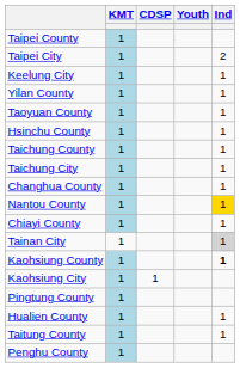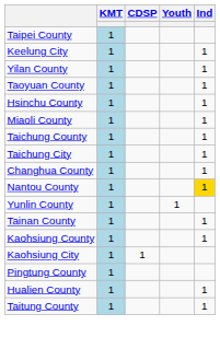 <table class="wikitable" style="text-align:center;">
 <tr>
 <th rowspan="2"></th>
 <th><a href='#'>KMT</a></th>
 <th><a href='#'>CDSP</a></th>
 <th><a href='#'>Youth</a></th>
 <th><a href='#'>Ind</a></th>
 </tr>
 <tr>
 <th style="background:"></th>
 <th style="background:"></th>
 <th style="background:"></th>
 <th style="background:"></th>
 </tr>
 <tr>
 <td align="left"><a href='#'>Taipei County</a></td>
 <td bgcolor="lightblue">1</td>
 <td></td>
 <td></td>
 <td></td>
-</tr>
-<tr>
-<td align="left"><a href='#'>Taipei City</a></td>
-<td bgcolor="lightblue">1</td>
-<td></td>
-<td></td>
-<td>2</td>
 </tr>
 <tr>
 <td align="left"><a href='#'>Keelung City</a></td>
 <td bgcolor="lightblue">1</td>
 <td></td>
 <td></td>
 <td>1</td>
 </tr>
 <tr>
 <td align="left"><a href='#'>Yilan County</a></td>
 <td bgcolor="lightblue">1</td>
 <td></td>
 <td></td>
 <td>1</td>
 </tr>
 <tr>
 <td align="left"><a href='#'>Taoyuan County</a></td>
 <td bgcolor="lightblue">1</td>
 <td></td>
 <td></td>
 <td>1</td>
 </tr>
 <tr>
 <td align="left"><a href='#'>Hsinchu County</a></td>
+<td bgcolor="lightblue">1</td>
+<td></td>
+<td></td>
+<td>1</td>
+</tr>
+<tr>
+<td align="left"><a href='#'>Miaoli County</a></td>
 <td bgcolor="lightblue">1</td>
 <td></td>
 <td></td>
 <td>1</td>
 </tr>
 <tr>
 <td align="left"><a href='#'>Taichung County</a></td>
 <td bgcolor="lightblue">1</td>
 <td></td>
 <td></td>
 <td>1</td>
 </tr>
 <tr>
 <td align="left"><a href='#'>Taichung City</a></td>
 <td bgcolor="lightblue">1</td>
 <td></td>
 <td></td>
 <td>1</td>
 </tr>
 <tr>
 <td align="left"><a href='#'>Changhua County</a></td>
 <td bgcolor="lightblue">1</td>
 <td></td>
 <td></td>
 <td>1</td>
 </tr>
 <tr>
 <td align="left"><a href='#'>Nantou County</a></td>
 <td bgcolor="lightblue">1</td>
 <td></td>
 <td></td>
 <td style="background: gold;">1</td>
 </tr>
 <tr>
-<td align="left"><a href='#'>Chiayi County</a></td>
+<td align="left"><a href='#'>Yunlin County</a></td>
+<td bgcolor="lightblue">1</td>
+<td></td>
+<td>1</td>
+<td></td>
+</tr>
+<tr>
+<td align="left"><a href='#'>Tainan County</a></td>
 <td bgcolor="lightblue">1</td>
 <td></td>
 <td></td>
 <td>1</td>
 </tr>
 <tr>
-<td align="left"><a href='#'>Tainan City</a></td>
-<td>1</td>
-<td></td>
-<td></td>
-<td bgcolor="lightgray">1</td>
-</tr>
-<tr>
 <td align="left"><a href='#'>Kaohsiung County</a></td>
 <td bgcolor="lightblue">1</td>
 <td></td>
 <td></td>
-<td><strong>1</strong></td>
+<td>1</td>
 </tr>
 <tr>
 <td align="left"><a href='#'>Kaohsiung City</a></td>
 <td bgcolor="lightblue">1</td>
 <td>1</td>
 <td></td>
 <td></td>
 </tr>
 <tr>
 <td align="left"><a href='#'>Pingtung County</a></td>
 <td bgcolor="lightblue">1</td>
 <td></td>
 <td></td>
 <td></td>
 </tr>
 <tr>
 <td align="left"><a href='#'>Hualien County</a></td>
 <td bgcolor="lightblue">1</td>
 <td></td>
 <td></td>
 <td>1</td>
 </tr>
 <tr>
 <td align="left"><a href='#'>Taitung County</a></td>
 <td bgcolor="lightblue">1</td>
 <td></td>
 <td></td>
 <td>1</td>
 </tr>
-<tr>
-<td align="left"><a href='#'>Penghu County</a></td>
-<td bgcolor="lightblue">1</td>
-<td></td>
-<td></td>
-<td></td>
-</tr>
 </table>
